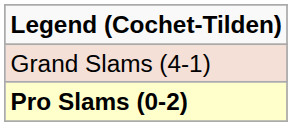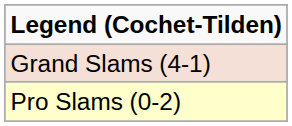 <table class="wikitable"  style="font-size:89%;">
 <tr bgcolor=>
 <td><strong>Legend (Cochet-Tilden)</strong></td>
 </tr>
 <tr bgcolor=#F4E0D7>
 <td>Grand Slams (4-1)</td>
 </tr>
 <tr bgcolor=#ffc>
-<td><strong>Pro Slams (0-2)</strong></td>
+<td>Pro Slams (0-2)</td>
 </tr>
 </table>
